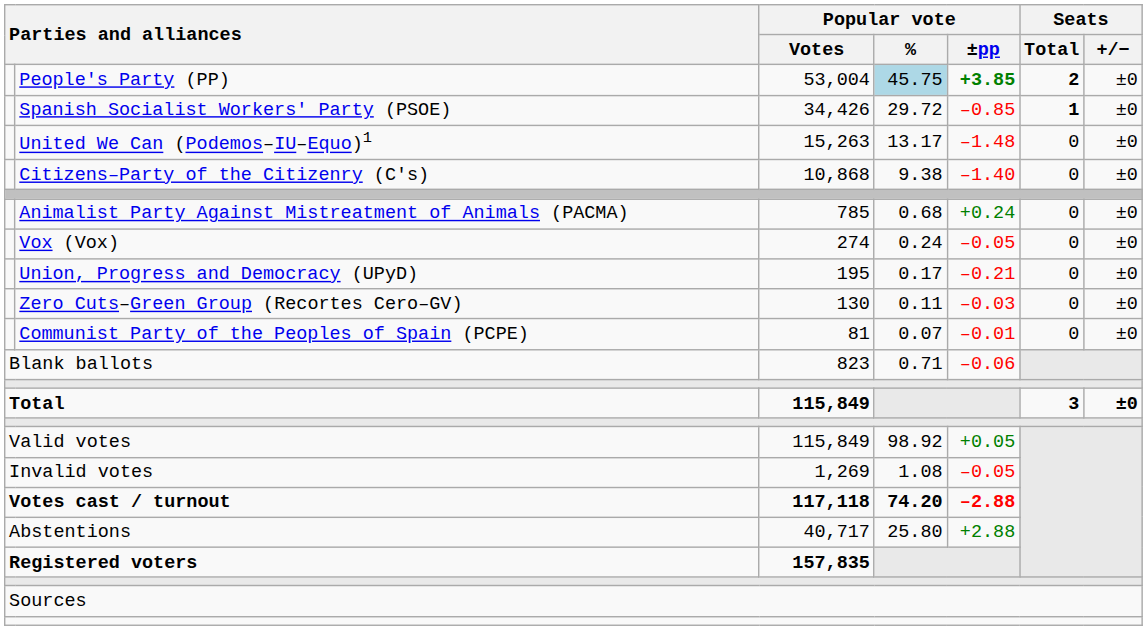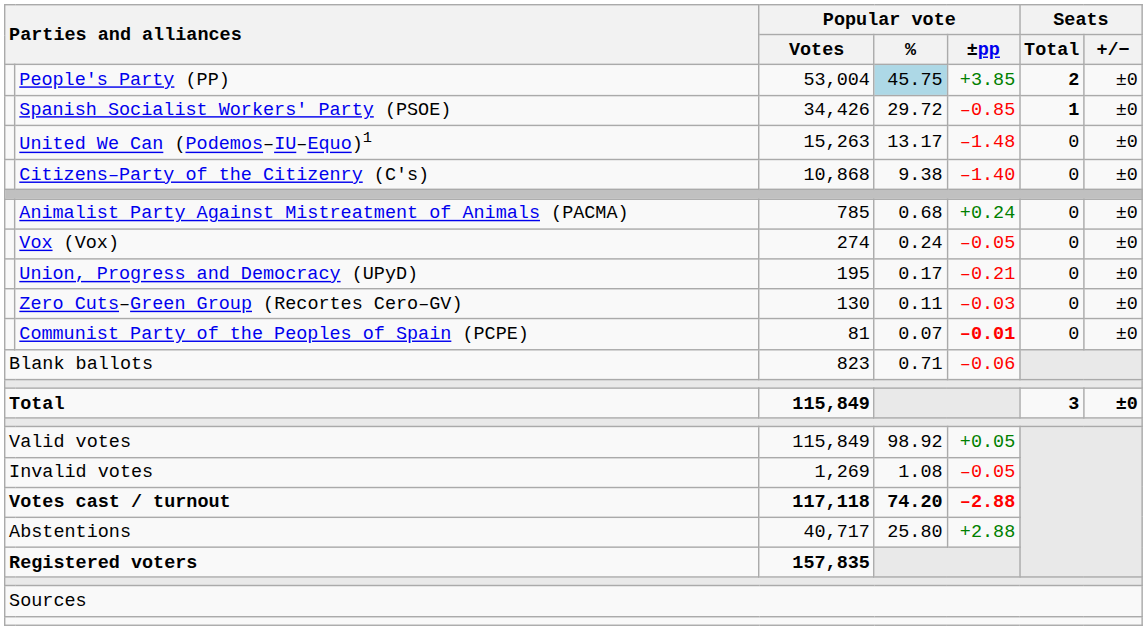 <table class="wikitable" style="text-align:right;">
 <tr>
 <th style="text-align:left;" rowspan="2" colspan="2" width="525">Parties and alliances</th>
 <th colspan="3">Popular vote</th>
 <th colspan="2">Seats</th>
 </tr>
 <tr>
 <th width="75">Votes</th>
 <th width="45">%</th>
 <th width="45">±<a href='#'>pp</a></th>
 <th width="35">Total</th>
 <th width="35">+/−</th>
 </tr>
 <tr>
 <td width="1" style="color:inherit;background:"></td>
 <td align="left"><a href='#'>People's Party</a> (PP)</td>
 <td>53,004</td>
 <td style="background: lightblue;">45.75</td>
-<td style="color:green;"><strong>+3.85</strong></td>
+<td style="color:green;">+3.85</td>
 <td><strong>2</strong></td>
 <td>±0</td>
 </tr>
 <tr>
 <td style="color:inherit;background:"></td>
 <td align="left"><a href='#'>Spanish Socialist Workers' Party</a> (PSOE)</td>
 <td>34,426</td>
 <td>29.72</td>
 <td style="color:red;">–0.85</td>
 <td><strong>1</strong></td>
 <td>±0</td>
 </tr>
 <tr>
 <td style="color:inherit;background:"></td>
 <td align="left"><a href='#'>United We Can</a> (<a href='#'>Podemos</a>–<a href='#'>IU</a>–<a href='#'>Equo</a>)<sup>1</sup></td>
 <td>15,263</td>
 <td>13.17</td>
 <td style="color:red;">–1.48</td>
 <td>0</td>
 <td>±0</td>
 </tr>
 <tr>
 <td style="color:inherit;background:"></td>
 <td align="left"><a href='#'>Citizens–Party of the Citizenry</a> (C's)</td>
 <td>10,868</td>
 <td>9.38</td>
 <td style="color:red;">–1.40</td>
 <td>0</td>
 <td>±0</td>
 </tr>
 <tr>
 <td colspan="7" bgcolor="#C0C0C0"></td>
 </tr>
 <tr>
 <td style="color:inherit;background:"></td>
 <td align="left"><a href='#'>Animalist Party Against Mistreatment of Animals</a> (PACMA)</td>
 <td>785</td>
 <td>0.68</td>
 <td style="color:green;">+0.24</td>
 <td>0</td>
 <td>±0</td>
 </tr>
 <tr>
 <td style="color:inherit;background:"></td>
 <td align="left"><a href='#'>Vox</a> (Vox)</td>
 <td>274</td>
 <td>0.24</td>
 <td style="color:red;">–0.05</td>
 <td>0</td>
 <td>±0</td>
 </tr>
 <tr>
 <td style="color:inherit;background:"></td>
 <td align="left"><a href='#'>Union, Progress and Democracy</a> (UPyD)</td>
 <td>195</td>
 <td>0.17</td>
 <td style="color:red;">–0.21</td>
 <td>0</td>
 <td>±0</td>
 </tr>
 <tr>
 <td style="color:inherit;background:"></td>
 <td align="left"><a href='#'>Zero Cuts</a>–<a href='#'>Green Group</a> (Recortes Cero–GV)</td>
 <td>130</td>
 <td>0.11</td>
 <td style="color:red;">–0.03</td>
 <td>0</td>
 <td>±0</td>
 </tr>
 <tr>
 <td style="color:inherit;background:"></td>
 <td align="left"><a href='#'>Communist Party of the Peoples of Spain</a> (PCPE)</td>
 <td>81</td>
 <td>0.07</td>
-<td style="color:red;">–0.01</td>
+<td style="color:red;"><strong>–0.01</strong></td>
 <td>0</td>
 <td>±0</td>
 </tr>
 <tr>
 <td align="left" colspan="2">Blank ballots</td>
 <td>823</td>
 <td>0.71</td>
 <td style="color:red;">–0.06</td>
 <td bgcolor="#E9E9E9" colspan="2"></td>
 </tr>
 <tr>
 <td colspan="7" bgcolor="#E9E9E9"></td>
 </tr>
 <tr style="font-weight:bold;">
 <td align="left" colspan="2">Total</td>
 <td>115,849</td>
 <td bgcolor="#E9E9E9" colspan="2"></td>
 <td>3</td>
 <td>±0</td>
 </tr>
 <tr>
 <td colspan="7" bgcolor="#E9E9E9"></td>
 </tr>
 <tr>
 <td align="left" colspan="2">Valid votes</td>
 <td>115,849</td>
 <td>98.92</td>
 <td style="color:green;">+0.05</td>
 <td bgcolor="#E9E9E9" colspan="2" rowspan="5"></td>
 </tr>
 <tr>
 <td align="left" colspan="2">Invalid votes</td>
 <td>1,269</td>
 <td>1.08</td>
 <td style="color:red;">–0.05</td>
 </tr>
 <tr style="font-weight:bold;">
 <td align="left" colspan="2">Votes cast / turnout</td>
 <td>117,118</td>
 <td>74.20</td>
 <td style="color:red;">–2.88</td>
 </tr>
 <tr>
 <td align="left" colspan="2">Abstentions</td>
 <td>40,717</td>
 <td>25.80</td>
 <td style="color:green;">+2.88</td>
 </tr>
 <tr style="font-weight:bold;">
 <td align="left" colspan="2">Registered voters</td>
 <td>157,835</td>
 <td bgcolor="#E9E9E9" colspan="2"></td>
 </tr>
 <tr>
 <td colspan="7" bgcolor="#E9E9E9"></td>
 </tr>
 <tr>
 <td align="left" colspan="7">Sources</td>
 </tr>
 <tr>
 <td colspan="7" style="text-align:left; max-width:790px;"></td>
 </tr>
 </table>
